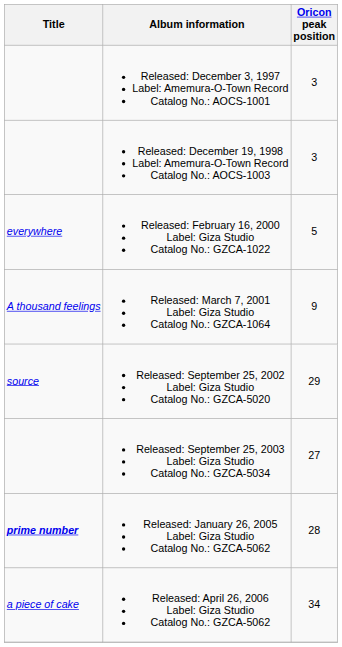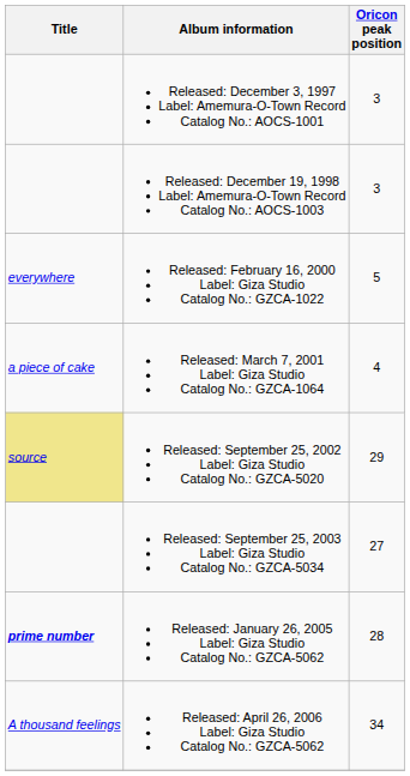 <table class="wikitable plainrowheaders" style="text-align:center">
 <tr>
 <th>Title</th>
 <th>Album information</th>
 <th><a href='#'>Oricon</a><br>peak<br>position</th>
 </tr>
 <tr>
 <td align=left><em></em></td>
 <td><br><ul><li>Released: December 3, 1997</li><li>Label: Amemura-O-Town Record</li><li>Catalog No.: AOCS-1001</li></ul></td>
 <td>3</td>
 </tr>
 <tr>
 <td align=left><em></em></td>
 <td><br><ul><li>Released: December 19, 1998</li><li>Label: Amemura-O-Town Record</li><li>Catalog No.: AOCS-1003</li></ul></td>
 <td>3</td>
 </tr>
 <tr>
 <td align=left><em><a href='#'>everywhere</a></em></td>
 <td><br><ul><li>Released: February 16, 2000</li><li>Label: Giza Studio</li><li>Catalog No.: GZCA-1022</li></ul></td>
 <td>5</td>
 </tr>
 <tr>
-<td align=left><em><a href='#'>A thousand feelings</a></em></td>
+<td align=left><em><a href='#'>a piece of cake</a></em></td>
 <td><br><ul><li>Released: March 7, 2001</li><li>Label: Giza Studio</li><li>Catalog No.: GZCA-1064</li></ul></td>
-<td>9</td>
+<td>4</td>
 </tr>
 <tr>
-<td align=left><em><a href='#'>source</a></em></td>
+<td align=left style="background: khaki;"><em><a href='#'>source</a></em></td>
 <td><br><ul><li>Released: September 25, 2002</li><li>Label: Giza Studio</li><li>Catalog No.: GZCA-5020</li></ul></td>
 <td>29</td>
 </tr>
 <tr>
 <td align=left><em></em></td>
 <td><br><ul><li>Released: September 25, 2003</li><li>Label: Giza Studio</li><li>Catalog No.: GZCA-5034</li></ul></td>
 <td>27</td>
 </tr>
 <tr>
 <td align=left><strong><em><a href='#'>prime number</a></em></strong></td>
 <td><br><ul><li>Released: January 26, 2005</li><li>Label: Giza Studio</li><li>Catalog No.: GZCA-5062</li></ul></td>
 <td>28</td>
 </tr>
 <tr>
-<td align=left><em><a href='#'>a piece of cake</a></em></td>
+<td align=left><em><a href='#'>A thousand feelings</a></em></td>
 <td><br><ul><li>Released: April 26, 2006</li><li>Label: Giza Studio</li><li>Catalog No.: GZCA-5062</li></ul></td>
 <td>34</td>
 </tr>
 <tr>
 </tr>
 </table>
